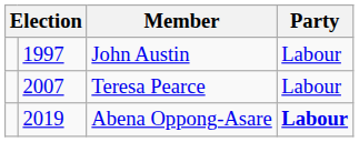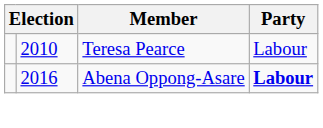 <table class="wikitable">
 <tr>
 <th colspan="2">Election</th>
 <th>Member</th>
 <th>Party</th>
 </tr>
 <tr>
 <td style="color:inherit;background-color: "></td>
-<td><a href='#'>1997</a></td>
-<td><a href='#'>John Austin</a></td>
-<td><a href='#'>Labour</a></td>
-</tr>
-<tr>
-<td style="color:inherit;background-color: "></td>
-<td><a href='#'>2007</a></td>
+<td><a href='#'>2010</a></td>
 <td><a href='#'>Teresa Pearce</a></td>
 <td><a href='#'>Labour</a></td>
 </tr>
 <tr>
 <td style="color:inherit;background-color: "></td>
-<td><a href='#'>2019</a></td>
+<td><a href='#'>2016</a></td>
 <td><a href='#'>Abena Oppong-Asare</a></td>
 <td><strong><a href='#'>Labour</a></strong></td>
 </tr>
 </table>
